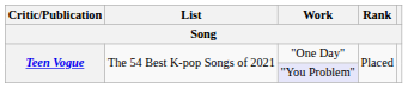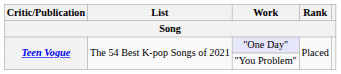 <table class="wikitable sortable plainrowheaders">
 <tr>
 <th>Critic/Publication</th>
 <th scope="col" class="unsortable">List</th>
 <th scope="col" class="unsortable">Work</th>
 <th data-sort-type="number">Rank</th>
 <th scope="col" class="unsortable"></th>
 </tr>
 <tr>
 <th align="center" colspan="5">Song</th>
 </tr>
 <tr>
 <th scope="row" rowspan="2"><em><a href='#'>Teen Vogue</a></em></th>
 <td rowspan="2" align="center">The 54 Best K-pop Songs of 2021</td>
-<td align="center">"One Day"</td>
+<td align="center" style="background: lavender;">"One Day"</td>
 <td rowspan="2" align="center">Placed</td>
 <td rowspan="2" align="center"></td>
 </tr>
 <tr>
-<td align="center" style="background: lavender;">"You Problem"</td>
+<td align="center">"You Problem"</td>
 </tr>
 </table>
